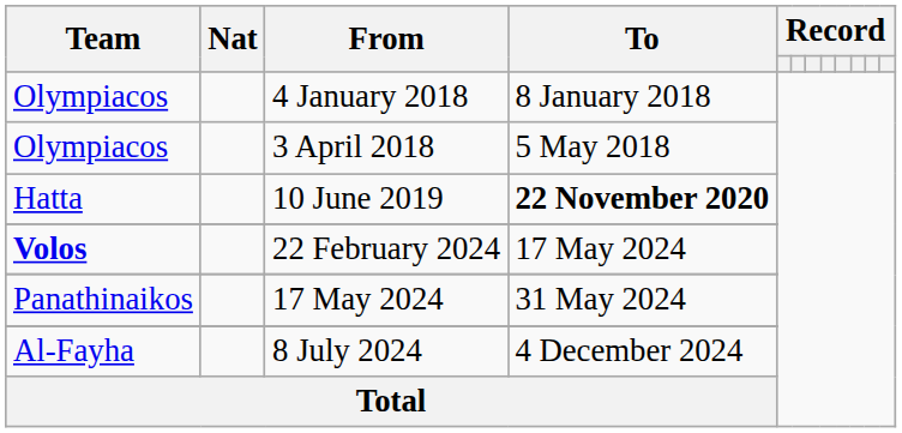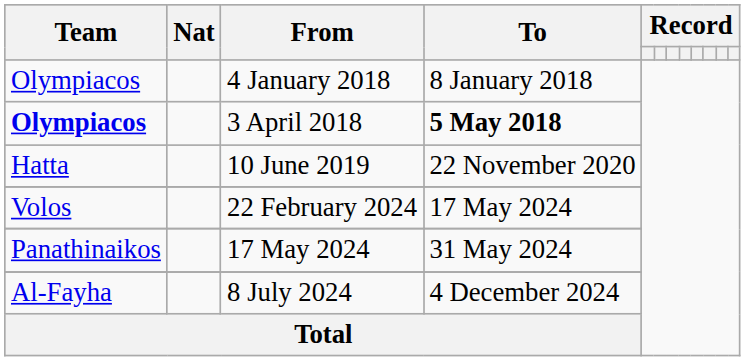 <table class=wikitable style=text-align:center>
 <tr>
 <th rowspan="2">Team</th>
 <th rowspan="2">Nat</th>
 <th rowspan="2">From</th>
 <th rowspan="2">To</th>
 <th colspan="8">Record</th>
 </tr>
 <tr>
 <th></th>
 <th></th>
 <th></th>
 <th></th>
 <th></th>
 <th></th>
 <th></th>
 <th></th>
 </tr>
 <tr>
 <td align=left><a href='#'>Olympiacos</a></td>
 <td></td>
 <td align=left>4 January 2018</td>
 <td align=left>8 January 2018<br></td>
 </tr>
 <tr>
-<td align=left><a href='#'>Olympiacos</a></td>
+<td align=left><strong><a href='#'>Olympiacos</a></strong></td>
 <td></td>
 <td align=left>3 April 2018</td>
-<td align=left>5 May 2018<br></td>
+<td align=left><strong>5 May 2018<br></strong></td>
 </tr>
 <tr>
 <td align=left><a href='#'>Hatta</a></td>
 <td></td>
 <td align=left>10 June 2019</td>
-<td align=left><strong>22 November 2020<br></strong></td>
+<td align=left>22 November 2020<br></td>
 </tr>
 <tr>
 </tr>
 <tr>
-<td align=left><strong><a href='#'>Volos</a></strong></td>
+<td align=left><a href='#'>Volos</a></td>
 <td></td>
 <td align=left>22 February 2024</td>
 <td align=left>17 May 2024<br></td>
 </tr>
 <tr>
 </tr>
 <tr>
 <td align=left><a href='#'>Panathinaikos</a></td>
 <td></td>
 <td align=left>17 May 2024</td>
 <td align=left>31 May 2024<br></td>
 </tr>
 <tr>
 </tr>
 <tr>
 <td align=left><a href='#'>Al-Fayha</a></td>
 <td></td>
 <td align=left>8 July 2024</td>
 <td align=left>4 December 2024<br></td>
 </tr>
 <tr>
 <th colspan="4">Total<br></th>
 </tr>
 </table>
